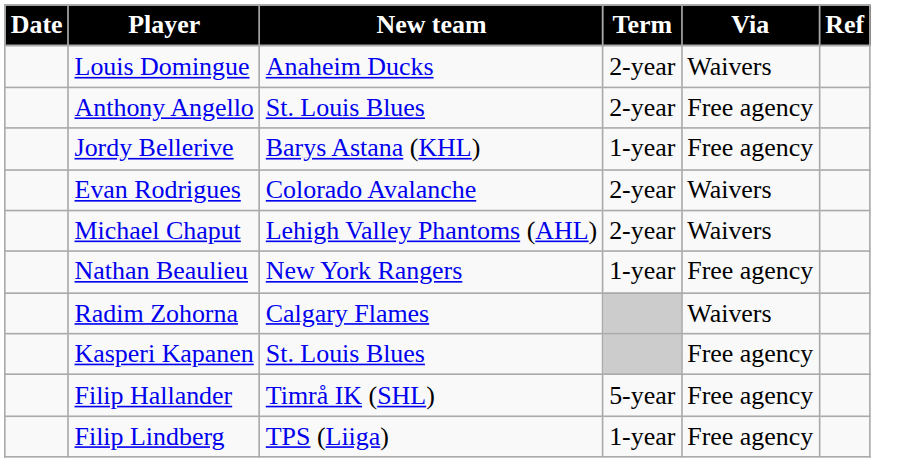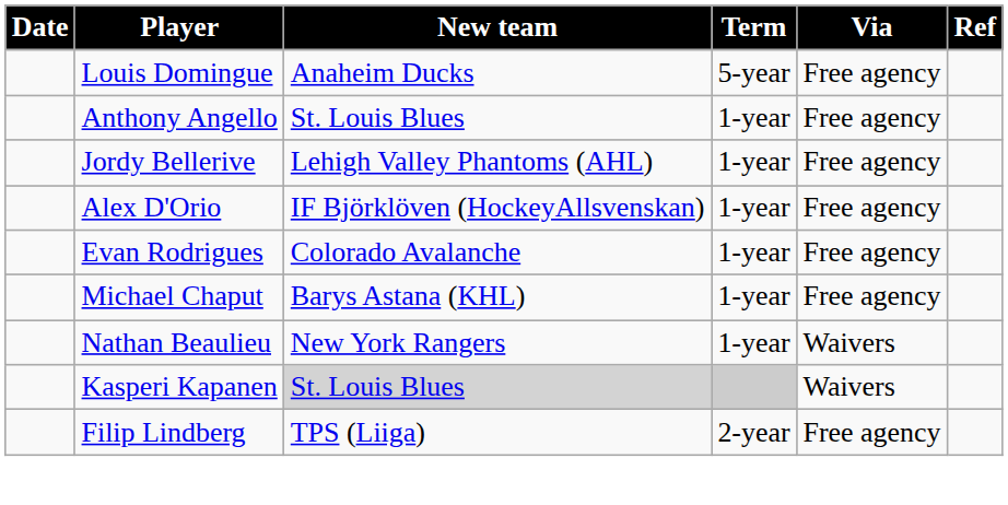 <table class="wikitable">
 <tr style="background:#ddd; text-align:center;">
 <th style="color:white; background:#000000; ">Date</th>
 <th style="color:white; background:#000000; ">Player</th>
 <th style="color:white; background:#000000; ">New team</th>
 <th style="color:white; background:#000000; ">Term</th>
 <th style="color:white; background:#000000; ">Via</th>
 <th style="color:white; background:#000000; ">Ref</th>
 </tr>
 <tr>
 <td></td>
 <td><a href='#'>Louis Domingue</a></td>
 <td><a href='#'>Anaheim Ducks</a></td>
-<td>2-year</td>
-<td>Waivers</td>
+<td>5-year</td>
+<td>Free agency</td>
 <td></td>
 </tr>
 <tr>
 <td></td>
 <td><a href='#'>Anthony Angello</a></td>
 <td><a href='#'>St. Louis Blues</a></td>
-<td>2-year</td>
+<td>1-year</td>
 <td>Free agency</td>
 <td></td>
 </tr>
 <tr>
 <td></td>
 <td><a href='#'>Jordy Bellerive</a></td>
-<td><a href='#'>Barys Astana</a> (<a href='#'>KHL</a>)</td>
+<td><a href='#'>Lehigh Valley Phantoms</a> (<a href='#'>AHL</a>)</td>
+<td>1-year</td>
+<td>Free agency</td>
+<td></td>
+</tr>
+<tr>
+<td></td>
+<td><a href='#'>Alex D'Orio</a></td>
+<td><a href='#'>IF Björklöven</a> (<a href='#'>HockeyAllsvenskan</a>)</td>
 <td>1-year</td>
 <td>Free agency</td>
 <td></td>
 </tr>
 <tr>
 <td></td>
 <td><a href='#'>Evan Rodrigues</a></td>
 <td><a href='#'>Colorado Avalanche</a></td>
-<td>2-year</td>
-<td>Waivers</td>
+<td>1-year</td>
+<td>Free agency</td>
 <td></td>
 </tr>
 <tr>
 <td></td>
 <td><a href='#'>Michael Chaput</a></td>
-<td><a href='#'>Lehigh Valley Phantoms</a> (<a href='#'>AHL</a>)</td>
-<td>2-year</td>
-<td>Waivers</td>
+<td><a href='#'>Barys Astana</a> (<a href='#'>KHL</a>)</td>
+<td>1-year</td>
+<td>Free agency</td>
 <td></td>
 </tr>
 <tr>
 <td></td>
 <td><a href='#'>Nathan Beaulieu</a></td>
 <td><a href='#'>New York Rangers</a></td>
 <td>1-year</td>
-<td>Free agency</td>
+<td>Waivers</td>
 <td></td>
 </tr>
 <tr>
 <td></td>
-<td><a href='#'>Radim Zohorna</a></td>
-<td><a href='#'>Calgary Flames</a></td>
+<td><a href='#'>Kasperi Kapanen</a></td>
+<td style="background: lightgrey;"><a href='#'>St. Louis Blues</a></td>
 <td style="background:#ccc;"></td>
 <td>Waivers</td>
 <td></td>
 </tr>
 <tr>
 <td></td>
-<td><a href='#'>Kasperi Kapanen</a></td>
-<td><a href='#'>St. Louis Blues</a></td>
-<td style="background:#ccc;"></td>
-<td>Free agency</td>
-<td></td>
-</tr>
-<tr>
-<td></td>
-<td><a href='#'>Filip Hallander</a></td>
-<td><a href='#'>Timrå IK</a> (<a href='#'>SHL</a>)</td>
-<td>5-year</td>
-<td>Free agency</td>
-<td></td>
-</tr>
-<tr>
-<td></td>
 <td><a href='#'>Filip Lindberg</a></td>
 <td><a href='#'>TPS</a> (<a href='#'>Liiga</a>)</td>
-<td>1-year</td>
+<td>2-year</td>
 <td>Free agency</td>
 <td></td>
 </tr>
 </table>
